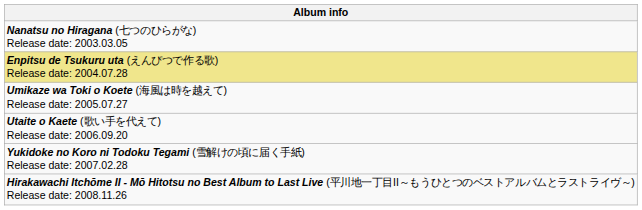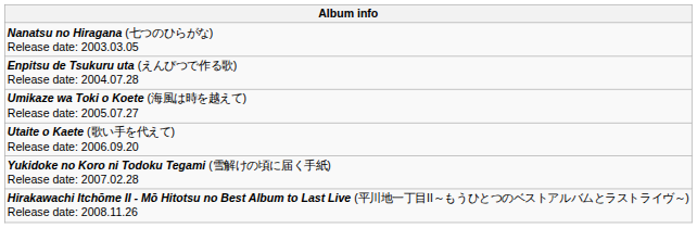 <table class="wikitable">
 <tr>
 <th>Album info</th>
 </tr>
 <tr>
 <td><strong><em>Nanatsu no Hiragana</em></strong> (七つのひらがな)<br>Release date: 2003.03.05</td>
 </tr>
 <tr>
-<td style="background: khaki;"><strong><em>Enpitsu de Tsukuru uta</em></strong> (えんぴつで作る歌)<br>Release date: 2004.07.28</td>
+<td><strong><em>Enpitsu de Tsukuru uta</em></strong> (えんぴつで作る歌)<br>Release date: 2004.07.28</td>
 </tr>
 <tr>
 <td><strong><em>Umikaze wa Toki o Koete</em></strong> (海風は時を越えて)<br>Release date: 2005.07.27</td>
 </tr>
 <tr>
 <td><strong><em>Utaite o Kaete</em></strong> (歌い手を代えて)<br>Release date: 2006.09.20</td>
 </tr>
 <tr>
 <td><strong><em>Yukidoke no Koro ni Todoku Tegami</em></strong> (雪解けの頃に届く手紙)<br>Release date: 2007.02.28</td>
 </tr>
 <tr>
 <td><strong><em>Hirakawachi Itchōme II - Mō Hitotsu no Best Album to Last Live</em></strong> (平川地一丁目II～もうひとつのベストアルバムとラストライヴ～)<br>Release date: 2008.11.26</td>
 </tr>
 </table>
